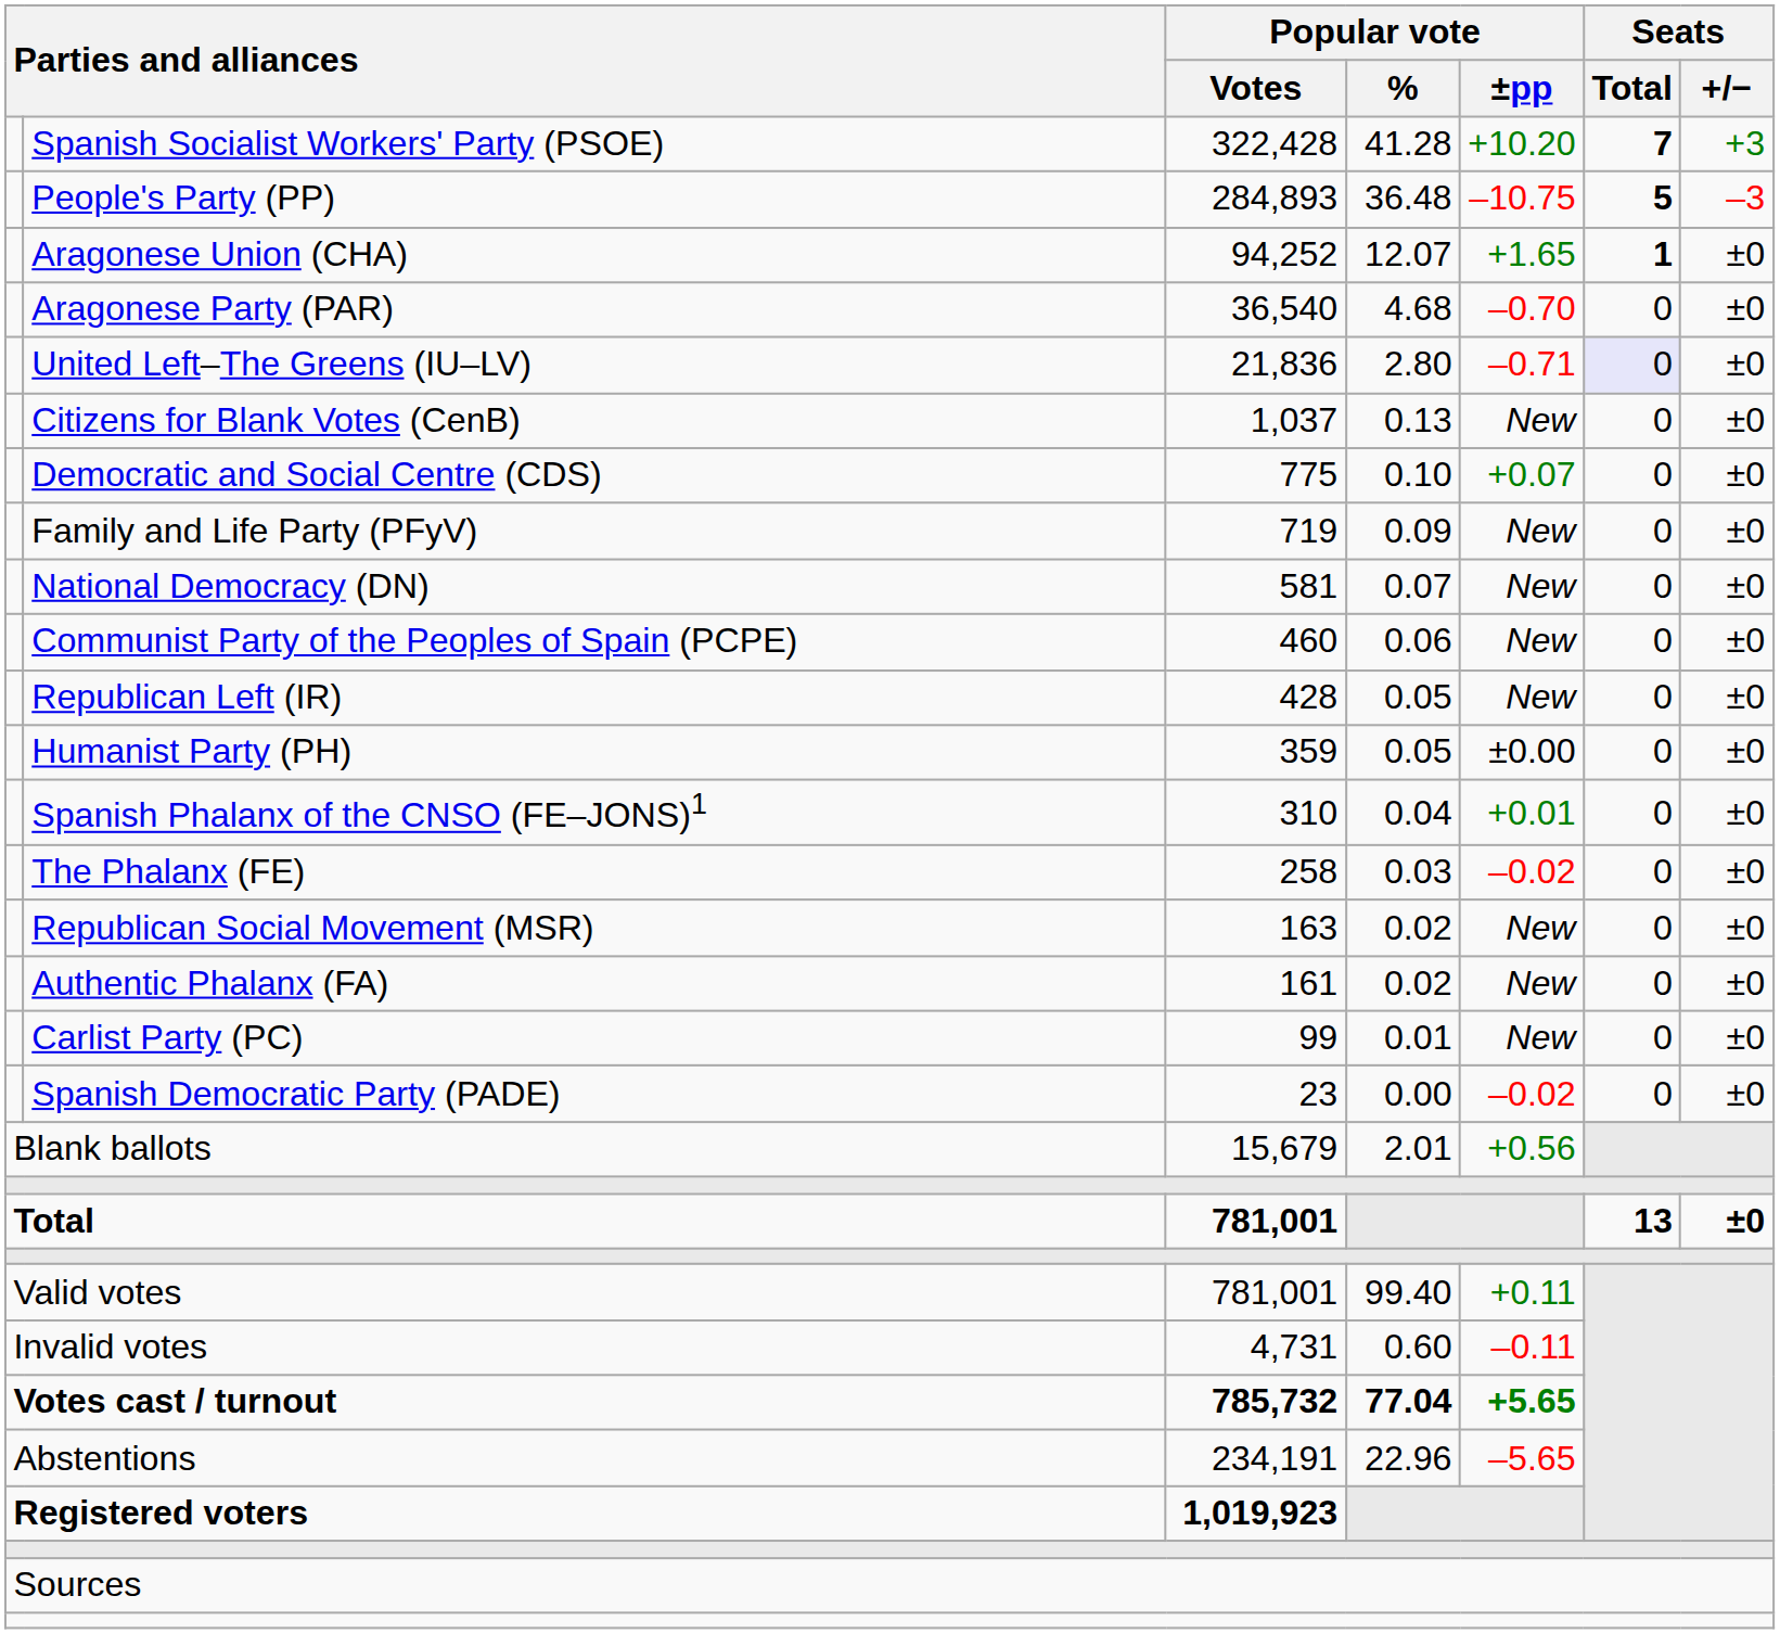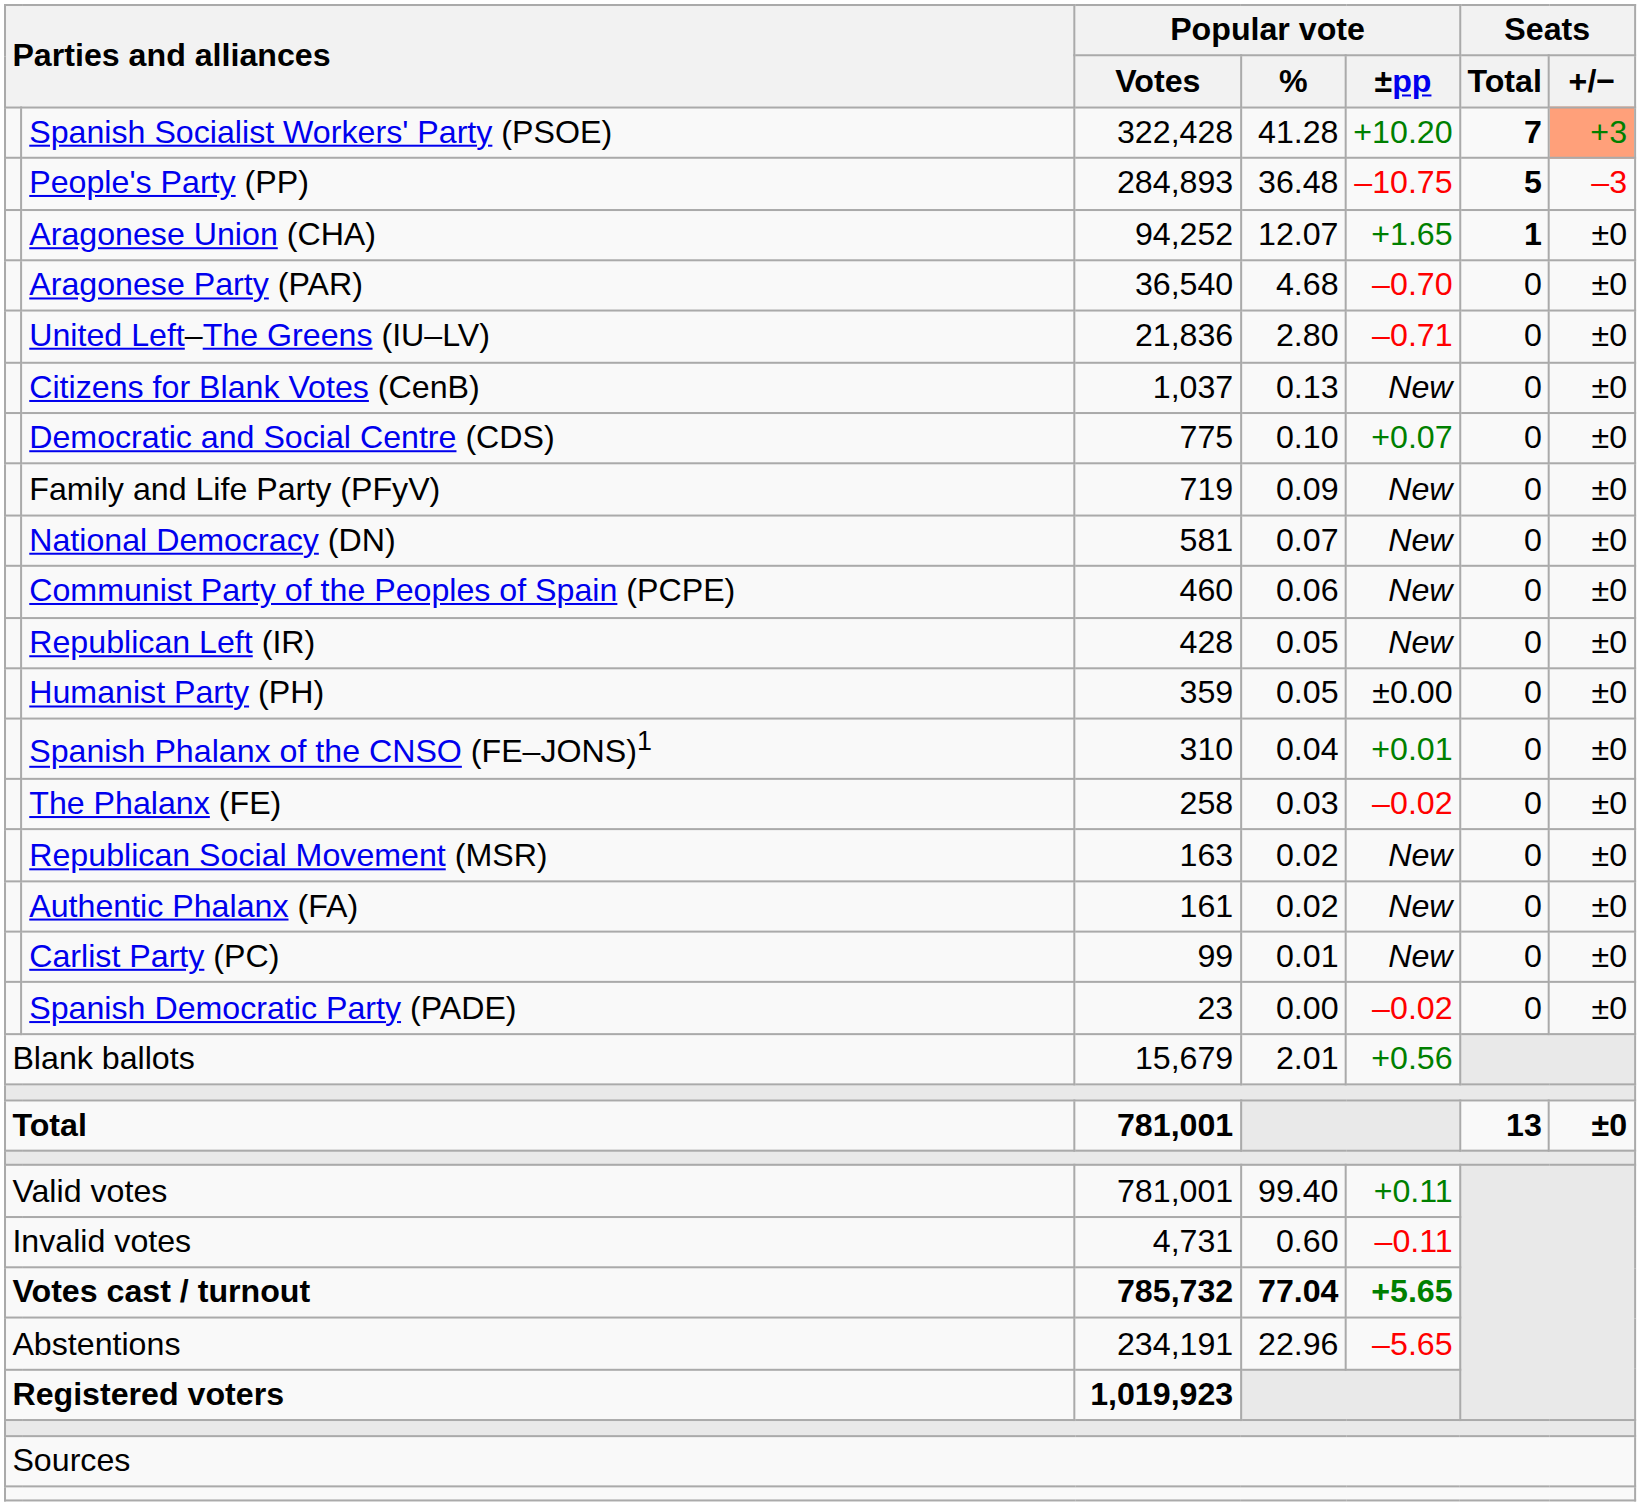 <table class="wikitable" style="text-align:right;">
 <tr>
 <th style="text-align:left;" rowspan="2" colspan="2" width="525">Parties and alliances</th>
 <th colspan="3">Popular vote</th>
 <th colspan="2">Seats</th>
 </tr>
 <tr>
 <th width="75">Votes</th>
 <th width="45">%</th>
 <th width="45">±<a href='#'>pp</a></th>
 <th width="35">Total</th>
 <th width="35">+/−</th>
 </tr>
 <tr>
 <td width="1" style="color:inherit;background:"></td>
 <td align="left"><a href='#'>Spanish Socialist Workers' Party</a> (PSOE)</td>
 <td>322,428</td>
 <td>41.28</td>
 <td style="color:green;">+10.20</td>
 <td><strong>7</strong></td>
-<td style="color:green;">+3</td>
+<td style="background: lightsalmon; color:green;">+3</td>
 </tr>
 <tr>
 <td style="color:inherit;background:"></td>
 <td align="left"><a href='#'>People's Party</a> (PP)</td>
 <td>284,893</td>
 <td>36.48</td>
 <td style="color:red;">–10.75</td>
 <td><strong>5</strong></td>
 <td style="color:red;">–3</td>
 </tr>
 <tr>
 <td style="color:inherit;background:"></td>
 <td align="left"><a href='#'>Aragonese Union</a> (CHA)</td>
 <td>94,252</td>
 <td>12.07</td>
 <td style="color:green;">+1.65</td>
 <td><strong>1</strong></td>
 <td>±0</td>
 </tr>
 <tr>
 <td style="color:inherit;background:"></td>
 <td align="left"><a href='#'>Aragonese Party</a> (PAR)</td>
 <td>36,540</td>
 <td>4.68</td>
 <td style="color:red;">–0.70</td>
 <td>0</td>
 <td>±0</td>
 </tr>
 <tr>
 <td style="color:inherit;background:"></td>
 <td align="left"><a href='#'>United Left</a>–<a href='#'>The Greens</a> (IU–LV)</td>
 <td>21,836</td>
 <td>2.80</td>
 <td style="color:red;">–0.71</td>
-<td style="background: lavender;">0</td>
+<td>0</td>
 <td>±0</td>
 </tr>
 <tr>
 <td style="color:inherit;background:"></td>
 <td align="left"><a href='#'>Citizens for Blank Votes</a> (CenB)</td>
 <td>1,037</td>
 <td>0.13</td>
 <td><em>New</em></td>
 <td>0</td>
 <td>±0</td>
 </tr>
 <tr>
 <td style="color:inherit;background:"></td>
 <td align="left"><a href='#'>Democratic and Social Centre</a> (CDS)</td>
 <td>775</td>
 <td>0.10</td>
 <td style="color:green;">+0.07</td>
 <td>0</td>
 <td>±0</td>
 </tr>
 <tr>
 <td style="color:inherit;background:"></td>
 <td align="left">Family and Life Party (PFyV)</td>
 <td>719</td>
 <td>0.09</td>
 <td><em>New</em></td>
 <td>0</td>
 <td>±0</td>
 </tr>
 <tr>
 <td style="color:inherit;background:"></td>
 <td align="left"><a href='#'>National Democracy</a> (DN)</td>
 <td>581</td>
 <td>0.07</td>
 <td><em>New</em></td>
 <td>0</td>
 <td>±0</td>
 </tr>
 <tr>
 <td style="color:inherit;background:"></td>
 <td align="left"><a href='#'>Communist Party of the Peoples of Spain</a> (PCPE)</td>
 <td>460</td>
 <td>0.06</td>
 <td><em>New</em></td>
 <td>0</td>
 <td>±0</td>
 </tr>
 <tr>
 <td style="color:inherit;background:"></td>
 <td align="left"><a href='#'>Republican Left</a> (IR)</td>
 <td>428</td>
 <td>0.05</td>
 <td><em>New</em></td>
 <td>0</td>
 <td>±0</td>
 </tr>
 <tr>
 <td style="color:inherit;background:"></td>
 <td align="left"><a href='#'>Humanist Party</a> (PH)</td>
 <td>359</td>
 <td>0.05</td>
 <td>±0.00</td>
 <td>0</td>
 <td>±0</td>
 </tr>
 <tr>
 <td style="color:inherit;background:"></td>
 <td align="left"><a href='#'>Spanish Phalanx of the CNSO</a> (FE–JONS)<sup>1</sup></td>
 <td>310</td>
 <td>0.04</td>
 <td style="color:green;">+0.01</td>
 <td>0</td>
 <td>±0</td>
 </tr>
 <tr>
 <td style="color:inherit;background:"></td>
 <td align="left"><a href='#'>The Phalanx</a> (FE)</td>
 <td>258</td>
 <td>0.03</td>
 <td style="color:red;">–0.02</td>
 <td>0</td>
 <td>±0</td>
 </tr>
 <tr>
 <td style="color:inherit;background:"></td>
 <td align="left"><a href='#'>Republican Social Movement</a> (MSR)</td>
 <td>163</td>
 <td>0.02</td>
 <td><em>New</em></td>
 <td>0</td>
 <td>±0</td>
 </tr>
 <tr>
 <td style="color:inherit;background:"></td>
 <td align="left"><a href='#'>Authentic Phalanx</a> (FA)</td>
 <td>161</td>
 <td>0.02</td>
 <td><em>New</em></td>
 <td>0</td>
 <td>±0</td>
 </tr>
 <tr>
 <td style="color:inherit;background:"></td>
 <td align="left"><a href='#'>Carlist Party</a> (PC)</td>
 <td>99</td>
 <td>0.01</td>
 <td><em>New</em></td>
 <td>0</td>
 <td>±0</td>
 </tr>
 <tr>
 <td style="color:inherit;background:"></td>
 <td align="left"><a href='#'>Spanish Democratic Party</a> (PADE)</td>
 <td>23</td>
 <td>0.00</td>
 <td style="color:red;">–0.02</td>
 <td>0</td>
 <td>±0</td>
 </tr>
 <tr>
 <td align="left" colspan="2">Blank ballots</td>
 <td>15,679</td>
 <td>2.01</td>
 <td style="color:green;">+0.56</td>
 <td bgcolor="#E9E9E9" colspan="2"></td>
 </tr>
 <tr>
 <td colspan="7" bgcolor="#E9E9E9"></td>
 </tr>
 <tr style="font-weight:bold;">
 <td align="left" colspan="2">Total</td>
 <td>781,001</td>
 <td bgcolor="#E9E9E9" colspan="2"></td>
 <td>13</td>
 <td>±0</td>
 </tr>
 <tr>
 <td colspan="7" bgcolor="#E9E9E9"></td>
 </tr>
 <tr>
 <td align="left" colspan="2">Valid votes</td>
 <td>781,001</td>
 <td>99.40</td>
 <td style="color:green;">+0.11</td>
 <td bgcolor="#E9E9E9" colspan="2" rowspan="5"></td>
 </tr>
 <tr>
 <td align="left" colspan="2">Invalid votes</td>
 <td>4,731</td>
 <td>0.60</td>
 <td style="color:red;">–0.11</td>
 </tr>
 <tr style="font-weight:bold;">
 <td align="left" colspan="2">Votes cast / turnout</td>
 <td>785,732</td>
 <td>77.04</td>
 <td style="color:green;">+5.65</td>
 </tr>
 <tr>
 <td align="left" colspan="2">Abstentions</td>
 <td>234,191</td>
 <td>22.96</td>
 <td style="color:red;">–5.65</td>
 </tr>
 <tr style="font-weight:bold;">
 <td align="left" colspan="2">Registered voters</td>
 <td>1,019,923</td>
 <td bgcolor="#E9E9E9" colspan="2"></td>
 </tr>
 <tr>
 <td colspan="7" bgcolor="#E9E9E9"></td>
 </tr>
 <tr>
 <td align="left" colspan="7">Sources</td>
 </tr>
 <tr>
 <td colspan="7" style="text-align:left; max-width:790px;"></td>
 </tr>
 </table>
